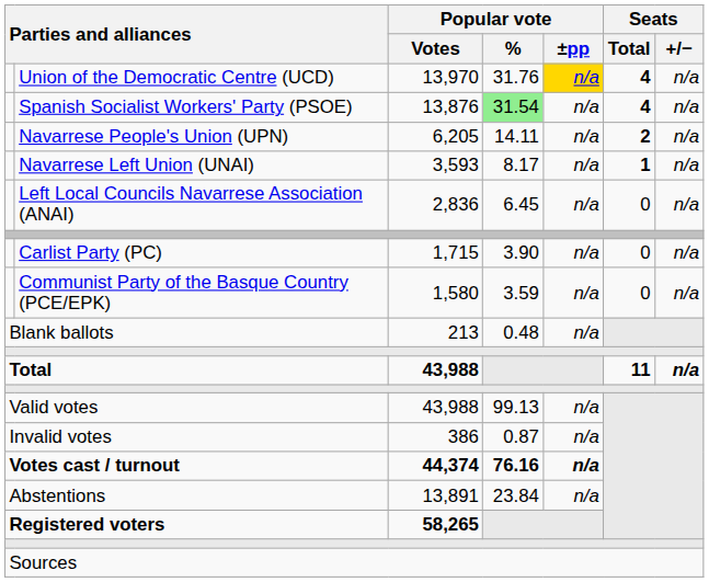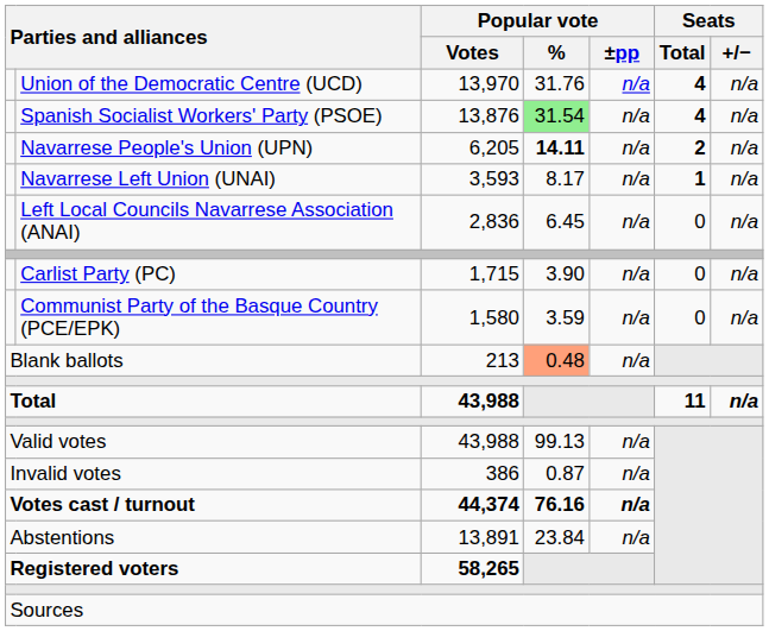 <table class="wikitable" style="text-align:right;">
 <tr>
 <th style="text-align:left;" rowspan="2" colspan="2" width="525">Parties and alliances</th>
 <th colspan="3">Popular vote</th>
 <th colspan="2">Seats</th>
 </tr>
 <tr>
 <th width="75">Votes</th>
 <th width="45">%</th>
 <th width="45">±<a href='#'>pp</a></th>
 <th width="35">Total</th>
 <th width="35">+/−</th>
 </tr>
 <tr>
 <td width="1" style="color:inherit;background:"></td>
 <td align="left"><a href='#'>Union of the Democratic Centre</a> (UCD)</td>
 <td>13,970</td>
 <td>31.76</td>
-<td style="background: gold;"><em><a href='#'>n/a</a></em></td>
+<td><em><a href='#'>n/a</a></em></td>
 <td><strong>4</strong></td>
 <td><em>n/a</em></td>
 </tr>
 <tr>
 <td style="color:inherit;background:"></td>
 <td align="left"><a href='#'>Spanish Socialist Workers' Party</a> (PSOE)</td>
 <td>13,876</td>
 <td style="background: lightgreen;">31.54</td>
 <td><em>n/a</em></td>
 <td><strong>4</strong></td>
 <td><em>n/a</em></td>
 </tr>
 <tr>
 <td style="color:inherit;background:"></td>
 <td align="left"><a href='#'>Navarrese People's Union</a> (UPN)</td>
 <td>6,205</td>
-<td>14.11</td>
+<td><strong>14.11</strong></td>
 <td><em>n/a</em></td>
 <td><strong>2</strong></td>
 <td><em>n/a</em></td>
 </tr>
 <tr>
 <td style="color:inherit;background:"></td>
 <td align="left"><a href='#'>Navarrese Left Union</a> (UNAI)</td>
 <td>3,593</td>
 <td>8.17</td>
 <td><em>n/a</em></td>
 <td><strong>1</strong></td>
 <td><em>n/a</em></td>
 </tr>
 <tr>
 <td style="color:inherit;background:"></td>
 <td align="left"><a href='#'>Left Local Councils Navarrese Association</a> (ANAI)</td>
 <td>2,836</td>
 <td>6.45</td>
 <td><em>n/a</em></td>
 <td>0</td>
 <td><em>n/a</em></td>
 </tr>
 <tr>
 <td colspan="7" bgcolor="#C0C0C0"></td>
 </tr>
 <tr>
 <td style="color:inherit;background:"></td>
 <td align="left"><a href='#'>Carlist Party</a> (PC)</td>
 <td>1,715</td>
 <td>3.90</td>
 <td><em>n/a</em></td>
 <td>0</td>
 <td><em>n/a</em></td>
 </tr>
 <tr>
 <td style="color:inherit;background:"></td>
 <td align="left"><a href='#'>Communist Party of the Basque Country</a> (PCE/EPK)</td>
 <td>1,580</td>
 <td>3.59</td>
 <td><em>n/a</em></td>
 <td>0</td>
 <td><em>n/a</em></td>
 </tr>
 <tr>
 <td align="left" colspan="2">Blank ballots</td>
 <td>213</td>
-<td>0.48</td>
+<td style="background: lightsalmon;">0.48</td>
 <td><em>n/a</em></td>
 <td bgcolor="#E9E9E9" colspan="2"></td>
 </tr>
 <tr>
 <td colspan="7" bgcolor="#E9E9E9"></td>
 </tr>
 <tr style="font-weight:bold;">
 <td align="left" colspan="2">Total</td>
 <td>43,988</td>
 <td bgcolor="#E9E9E9" colspan="2"></td>
 <td>11</td>
 <td><em>n/a</em></td>
 </tr>
 <tr>
 <td colspan="7" bgcolor="#E9E9E9"></td>
 </tr>
 <tr>
 <td align="left" colspan="2">Valid votes</td>
 <td>43,988</td>
 <td>99.13</td>
 <td><em>n/a</em></td>
 <td bgcolor="#E9E9E9" colspan="2" rowspan="5"></td>
 </tr>
 <tr>
 <td align="left" colspan="2">Invalid votes</td>
 <td>386</td>
 <td>0.87</td>
 <td><em>n/a</em></td>
 </tr>
 <tr style="font-weight:bold;">
 <td align="left" colspan="2">Votes cast / turnout</td>
 <td>44,374</td>
 <td>76.16</td>
 <td><em>n/a</em></td>
 </tr>
 <tr>
 <td align="left" colspan="2">Abstentions</td>
 <td>13,891</td>
 <td>23.84</td>
 <td><em>n/a</em></td>
 </tr>
 <tr style="font-weight:bold;">
 <td align="left" colspan="2">Registered voters</td>
 <td>58,265</td>
 <td bgcolor="#E9E9E9" colspan="2"></td>
 </tr>
 <tr>
 <td colspan="7" bgcolor="#E9E9E9"></td>
 </tr>
 <tr>
 <td align="left" colspan="7">Sources</td>
 </tr>
 </table>
